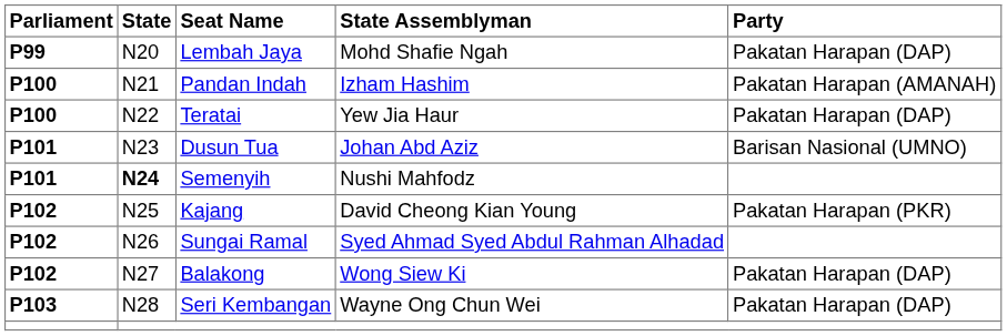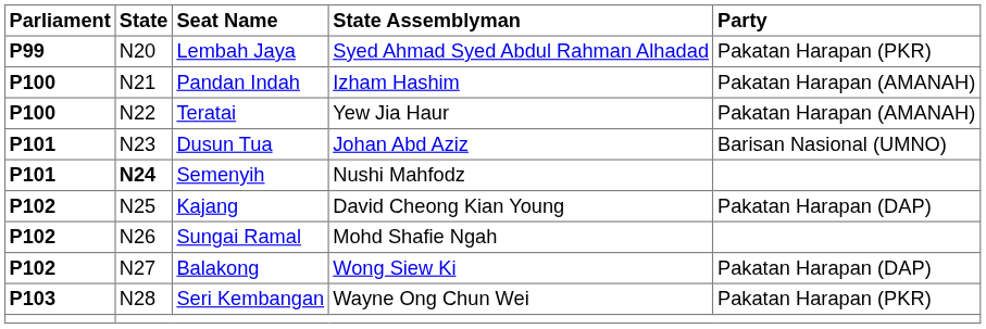 <table class="toccolours sortable" border="1" cellpadding="3" style="border-collapse:collapse; text-align: left;">
 <tr>
 <th align="center">Parliament</th>
 <th>State</th>
 <th>Seat Name</th>
 <th>State Assemblyman</th>
 <th>Party</th>
 </tr>
 <tr>
 <th align="left">P99</th>
 <td>N20</td>
 <td><a href='#'>Lembah Jaya</a></td>
-<td>Mohd Shafie Ngah</td>
-<td>Pakatan Harapan (DAP)</td>
+<td><a href='#'>Syed Ahmad Syed Abdul Rahman Alhadad</a></td>
+<td>Pakatan Harapan (PKR)</td>
 </tr>
 <tr>
 <th align="left">P100</th>
 <td>N21</td>
 <td><a href='#'>Pandan Indah</a></td>
 <td><a href='#'>Izham Hashim</a></td>
 <td>Pakatan Harapan (AMANAH)</td>
 </tr>
 <tr>
 <th align="left">P100</th>
 <td>N22</td>
 <td><a href='#'>Teratai</a></td>
 <td>Yew Jia Haur</td>
-<td>Pakatan Harapan (DAP)</td>
+<td>Pakatan Harapan (AMANAH)</td>
 </tr>
 <tr>
 <th align="left">P101</th>
 <td>N23</td>
 <td><a href='#'>Dusun Tua</a></td>
 <td><a href='#'>Johan Abd Aziz</a></td>
 <td>Barisan Nasional (UMNO)</td>
 </tr>
 <tr>
 <th align="left">P101</th>
 <td><strong>N24</strong></td>
 <td><a href='#'>Semenyih</a></td>
 <td>Nushi Mahfodz</td>
 <td></td>
 </tr>
 <tr>
 <th align="left">P102</th>
 <td>N25</td>
 <td><a href='#'>Kajang</a></td>
 <td>David Cheong Kian Young</td>
-<td>Pakatan Harapan (PKR)</td>
+<td>Pakatan Harapan (DAP)</td>
 </tr>
 <tr>
 <th align="left">P102</th>
 <td>N26</td>
 <td><a href='#'>Sungai Ramal</a></td>
-<td><a href='#'>Syed Ahmad Syed Abdul Rahman Alhadad</a></td>
+<td>Mohd Shafie Ngah</td>
 <td></td>
 </tr>
 <tr>
 <th align="left">P102</th>
 <td>N27</td>
 <td><a href='#'>Balakong</a></td>
 <td><a href='#'>Wong Siew Ki</a></td>
 <td>Pakatan Harapan (DAP)</td>
 </tr>
 <tr>
 <th>P103</th>
 <td>N28</td>
 <td><a href='#'>Seri Kembangan</a></td>
 <td>Wayne Ong Chun Wei</td>
-<td>Pakatan Harapan (DAP)</td>
+<td>Pakatan Harapan (PKR)</td>
 </tr>
 <tr>
 <td></td>
 </tr>
 </table>
